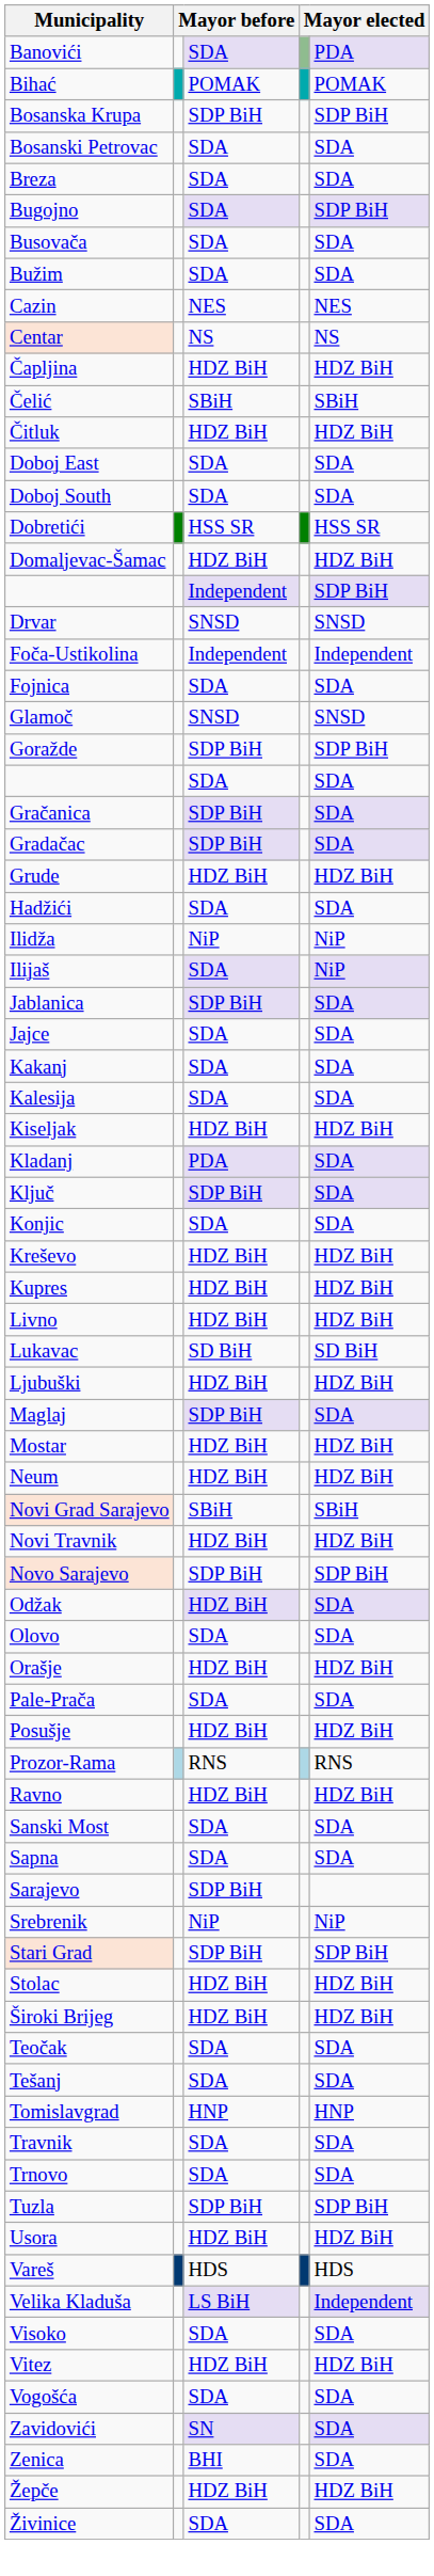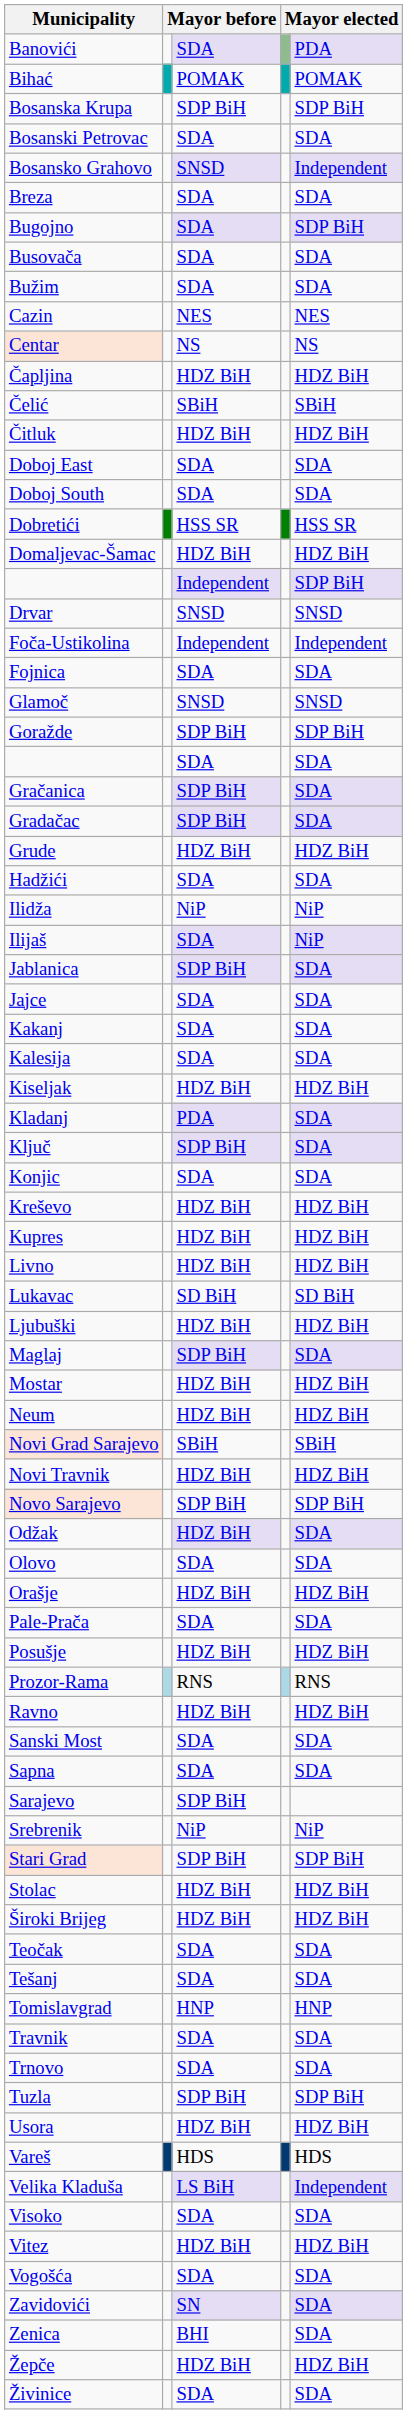 <table class="wikitable sortable">
 <tr>
 <th>Municipality</th>
 <th colspan="2">Mayor before</th>
 <th colspan="2">Mayor elected</th>
 </tr>
 <tr>
 <td><a href='#'>Banovići</a></td>
 <td style="background-color:"></td>
 <td style="background-color:#e5ddf3"><a href='#'>SDA</a></td>
 <td style="background-color:#8fbc8f"></td>
 <td style="background-color:#e5ddf3"><a href='#'>PDA</a></td>
 </tr>
 <tr>
 <td><a href='#'>Bihać</a></td>
 <td style="background-color:#00AAAD"></td>
 <td><a href='#'>POMAK</a></td>
 <td style="background-color:#00AAAD"></td>
 <td><a href='#'>POMAK</a></td>
 </tr>
 <tr>
 <td><a href='#'>Bosanska Krupa</a></td>
 <td style="background-color:"></td>
 <td><a href='#'>SDP BiH</a></td>
 <td style="background-color:"></td>
 <td><a href='#'>SDP BiH</a></td>
 </tr>
 <tr>
 <td><a href='#'>Bosanski Petrovac</a></td>
 <td style="background-color:"></td>
 <td><a href='#'>SDA</a></td>
 <td style="background-color:"></td>
 <td><a href='#'>SDA</a></td>
+</tr>
+<tr>
+<td><a href='#'>Bosansko Grahovo</a></td>
+<td style="background-color:"></td>
+<td style="background-color:#e5ddf3"><a href='#'>SNSD</a></td>
+<td style="background-color:"></td>
+<td style="background-color:#e5ddf3"><a href='#'>Independent</a></td>
 </tr>
 <tr>
 <td><a href='#'>Breza</a></td>
 <td style="background-color:"></td>
 <td><a href='#'>SDA</a></td>
 <td style="background-color:"></td>
 <td><a href='#'>SDA</a></td>
 </tr>
 <tr>
 <td><a href='#'>Bugojno</a></td>
 <td style="background-color:"></td>
 <td style="background-color:#e5ddf3"><a href='#'>SDA</a></td>
 <td style="background-color:"></td>
 <td style="background-color:#e5ddf3"><a href='#'>SDP BiH</a></td>
 </tr>
 <tr>
 <td><a href='#'>Busovača</a></td>
 <td style="background-color:"></td>
 <td><a href='#'>SDA</a></td>
 <td style="background-color:"></td>
 <td><a href='#'>SDA</a></td>
 </tr>
 <tr>
 <td><a href='#'>Bužim</a></td>
 <td style="background-color:"></td>
 <td><a href='#'>SDA</a></td>
 <td style="background-color:"></td>
 <td><a href='#'>SDA</a></td>
 </tr>
 <tr>
 <td><a href='#'>Cazin</a></td>
 <td style="background-color:"></td>
 <td><a href='#'>NES</a></td>
 <td style="background-color:"></td>
 <td><a href='#'>NES</a></td>
 </tr>
 <tr>
 <td style="background:#FCE4D6"><a href='#'>Centar</a></td>
 <td style="background-color:"></td>
 <td><a href='#'>NS</a></td>
 <td style="background-color:"></td>
 <td><a href='#'>NS</a></td>
 </tr>
 <tr>
 <td><a href='#'>Čapljina</a></td>
 <td style="background-color:"></td>
 <td><a href='#'>HDZ BiH</a></td>
 <td style="background-color:"></td>
 <td><a href='#'>HDZ BiH</a></td>
 </tr>
 <tr>
 <td><a href='#'>Čelić</a></td>
 <td style="background-color:"></td>
 <td><a href='#'>SBiH</a></td>
 <td style="background-color:"></td>
 <td><a href='#'>SBiH</a></td>
 </tr>
 <tr>
 <td><a href='#'>Čitluk</a></td>
 <td style="background-color:"></td>
 <td><a href='#'>HDZ BiH</a></td>
 <td style="background-color:"></td>
 <td><a href='#'>HDZ BiH</a></td>
 </tr>
 <tr>
 <td><a href='#'>Doboj East</a></td>
 <td style="background-color:"></td>
 <td><a href='#'>SDA</a></td>
 <td style="background-color:"></td>
 <td><a href='#'>SDA</a></td>
 </tr>
 <tr>
 <td><a href='#'>Doboj South</a></td>
 <td style="background-color:"></td>
 <td><a href='#'>SDA</a></td>
 <td style="background-color:"></td>
 <td><a href='#'>SDA</a></td>
 </tr>
 <tr>
 <td><a href='#'>Dobretići</a></td>
 <td style="background-color:green"></td>
 <td><a href='#'>HSS SR</a></td>
 <td style="background-color:green"></td>
 <td><a href='#'>HSS SR</a></td>
 </tr>
 <tr>
 <td><a href='#'>Domaljevac-Šamac</a></td>
 <td style="background-color:"></td>
 <td><a href='#'>HDZ BiH</a></td>
 <td style="background-color:"></td>
 <td><a href='#'>HDZ BiH</a></td>
 </tr>
 <tr>
 <td></td>
 <td style="background-color:"></td>
 <td style="background-color:#e5ddf3"><a href='#'>Independent</a></td>
 <td style="background-color:"></td>
 <td style="background-color:#e5ddf3"><a href='#'>SDP BiH</a></td>
 </tr>
 <tr>
 <td><a href='#'>Drvar</a></td>
 <td style="background-color:"></td>
 <td><a href='#'>SNSD</a></td>
 <td style="background-color:"></td>
 <td><a href='#'>SNSD</a></td>
 </tr>
 <tr>
 <td><a href='#'>Foča-Ustikolina</a></td>
 <td style="background-color:"></td>
 <td><a href='#'>Independent</a></td>
 <td style="background-color:"></td>
 <td><a href='#'>Independent</a></td>
 </tr>
 <tr>
 <td><a href='#'>Fojnica</a></td>
 <td style="background-color:"></td>
 <td><a href='#'>SDA</a></td>
 <td style="background-color:"></td>
 <td><a href='#'>SDA</a></td>
 </tr>
 <tr>
 <td><a href='#'>Glamoč</a></td>
 <td style="background-color:"></td>
 <td><a href='#'>SNSD</a></td>
 <td style="background-color:"></td>
 <td><a href='#'>SNSD</a></td>
 </tr>
 <tr>
 <td><a href='#'>Goražde</a></td>
 <td style="background-color:"></td>
 <td><a href='#'>SDP BiH</a></td>
 <td style="background-color:"></td>
 <td><a href='#'>SDP BiH</a></td>
 </tr>
 <tr>
 <td></td>
 <td style="background-color:"></td>
 <td><a href='#'>SDA</a></td>
 <td style="background-color:"></td>
 <td><a href='#'>SDA</a></td>
 </tr>
 <tr>
 <td><a href='#'>Gračanica</a></td>
 <td style="background-color:"></td>
 <td style="background-color:#e5ddf3"><a href='#'>SDP BiH</a></td>
 <td style="background-color:"></td>
 <td style="background-color:#e5ddf3"><a href='#'>SDA</a></td>
 </tr>
 <tr>
 <td><a href='#'>Gradačac</a></td>
 <td style="background-color:"></td>
 <td style="background-color:#e5ddf3"><a href='#'>SDP BiH</a></td>
 <td style="background-color:"></td>
 <td style="background-color:#e5ddf3"><a href='#'>SDA</a></td>
 </tr>
 <tr>
 <td><a href='#'>Grude</a></td>
 <td style="background-color:"></td>
 <td><a href='#'>HDZ BiH</a></td>
 <td style="background-color:"></td>
 <td><a href='#'>HDZ BiH</a></td>
 </tr>
 <tr>
 <td><a href='#'>Hadžići</a></td>
 <td style="background-color:"></td>
 <td><a href='#'>SDA</a></td>
 <td style="background-color:"></td>
 <td><a href='#'>SDA</a></td>
 </tr>
 <tr>
 <td><a href='#'>Ilidža</a></td>
 <td style="background-color:"></td>
 <td><a href='#'>NiP</a></td>
 <td style="background-color:"></td>
 <td><a href='#'>NiP</a></td>
 </tr>
 <tr>
 <td><a href='#'>Ilijaš</a></td>
 <td style="background-color:"></td>
 <td style="background-color:#e5ddf3"><a href='#'>SDA</a></td>
 <td style="background-color:"></td>
 <td style="background-color:#e5ddf3"><a href='#'>NiP</a></td>
 </tr>
 <tr>
 <td><a href='#'>Jablanica</a></td>
 <td style="background-color:"></td>
 <td style="background-color:#e5ddf3"><a href='#'>SDP BiH</a></td>
 <td style="background-color:"></td>
 <td style="background-color:#e5ddf3"><a href='#'>SDA</a></td>
 </tr>
 <tr>
 <td><a href='#'>Jajce</a></td>
 <td style="background-color:"></td>
 <td><a href='#'>SDA</a></td>
 <td style="background-color:"></td>
 <td><a href='#'>SDA</a></td>
 </tr>
 <tr>
 <td><a href='#'>Kakanj</a></td>
 <td style="background-color:"></td>
 <td><a href='#'>SDA</a></td>
 <td style="background-color:"></td>
 <td><a href='#'>SDA</a></td>
 </tr>
 <tr>
 <td><a href='#'>Kalesija</a></td>
 <td style="background-color:"></td>
 <td><a href='#'>SDA</a></td>
 <td style="background-color:"></td>
 <td><a href='#'>SDA</a></td>
 </tr>
 <tr>
 <td><a href='#'>Kiseljak</a></td>
 <td style="background-color:"></td>
 <td><a href='#'>HDZ BiH</a></td>
 <td style="background-color:"></td>
 <td><a href='#'>HDZ BiH</a></td>
 </tr>
 <tr>
 <td><a href='#'>Kladanj</a></td>
 <td style="background-color:"></td>
 <td style="background-color:#e5ddf3"><a href='#'>PDA</a></td>
 <td style="background-color:"></td>
 <td style="background-color:#e5ddf3"><a href='#'>SDA</a></td>
 </tr>
 <tr>
 <td><a href='#'>Ključ</a></td>
 <td style="background-color:"></td>
 <td style="background-color:#e5ddf3"><a href='#'>SDP BiH</a></td>
 <td style="background-color:"></td>
 <td style="background-color:#e5ddf3"><a href='#'>SDA</a></td>
 </tr>
 <tr>
 <td><a href='#'>Konjic</a></td>
 <td style="background-color:"></td>
 <td><a href='#'>SDA</a></td>
 <td style="background-color:"></td>
 <td><a href='#'>SDA</a></td>
 </tr>
 <tr>
 <td><a href='#'>Kreševo</a></td>
 <td style="background-color:"></td>
 <td><a href='#'>HDZ BiH</a></td>
 <td style="background-color:"></td>
 <td><a href='#'>HDZ BiH</a></td>
 </tr>
 <tr>
 <td><a href='#'>Kupres</a></td>
 <td style="background-color:"></td>
 <td><a href='#'>HDZ BiH</a></td>
 <td style="background-color:"></td>
 <td><a href='#'>HDZ BiH</a></td>
 </tr>
 <tr>
 <td><a href='#'>Livno</a></td>
 <td style="background-color:"></td>
 <td><a href='#'>HDZ BiH</a></td>
 <td style="background-color:"></td>
 <td><a href='#'>HDZ BiH</a></td>
 </tr>
 <tr>
 <td><a href='#'>Lukavac</a></td>
 <td style="background-color:"></td>
 <td><a href='#'>SD BiH</a></td>
 <td style="background-color:"></td>
 <td><a href='#'>SD BiH</a></td>
 </tr>
 <tr>
 <td><a href='#'>Ljubuški</a></td>
 <td style="background-color:"></td>
 <td><a href='#'>HDZ BiH</a></td>
 <td style="background-color:"></td>
 <td><a href='#'>HDZ BiH</a></td>
 </tr>
 <tr>
 <td><a href='#'>Maglaj</a></td>
 <td style="background-color:"></td>
 <td style="background-color:#e5ddf3"><a href='#'>SDP BiH</a></td>
 <td style="background-color:"></td>
 <td style="background-color:#e5ddf3"><a href='#'>SDA</a></td>
 </tr>
 <tr>
 <td><a href='#'>Mostar</a></td>
 <td style="background-color:"></td>
 <td><a href='#'>HDZ BiH</a></td>
 <td style="background-color:"></td>
 <td><a href='#'>HDZ BiH</a></td>
 </tr>
 <tr>
 <td><a href='#'>Neum</a></td>
 <td style="background-color:"></td>
 <td><a href='#'>HDZ BiH</a></td>
 <td style="background-color:"></td>
 <td><a href='#'>HDZ BiH</a></td>
 </tr>
 <tr>
 <td style='background:#FCE4D6'><a href='#'>Novi Grad Sarajevo</a></td>
 <td style="background-color:"></td>
 <td><a href='#'>SBiH</a></td>
 <td style="background-color:"></td>
 <td><a href='#'>SBiH</a></td>
 </tr>
 <tr>
 <td><a href='#'>Novi Travnik</a></td>
 <td style="background-color:"></td>
 <td><a href='#'>HDZ BiH</a></td>
 <td style="background-color:"></td>
 <td><a href='#'>HDZ BiH</a></td>
 </tr>
 <tr>
 <td style='background:#FCE4D6'><a href='#'>Novo Sarajevo</a></td>
 <td style="background-color:"></td>
 <td><a href='#'>SDP BiH</a></td>
 <td style="background-color:"></td>
 <td><a href='#'>SDP BiH</a></td>
 </tr>
 <tr>
 <td><a href='#'>Odžak</a></td>
 <td style="background-color:"></td>
 <td style="background-color:#e5ddf3"><a href='#'>HDZ BiH</a></td>
 <td style="background-color:"></td>
 <td style="background-color:#e5ddf3"><a href='#'>SDA</a></td>
 </tr>
 <tr>
 <td><a href='#'>Olovo</a></td>
 <td style="background-color:"></td>
 <td><a href='#'>SDA</a></td>
 <td style="background-color:"></td>
 <td><a href='#'>SDA</a></td>
 </tr>
 <tr>
 <td><a href='#'>Orašje</a></td>
 <td style="background-color:"></td>
 <td><a href='#'>HDZ BiH</a></td>
 <td style="background-color:"></td>
 <td><a href='#'>HDZ BiH</a></td>
 </tr>
 <tr>
 <td><a href='#'>Pale-Prača</a></td>
 <td style="background-color:"></td>
 <td><a href='#'>SDA</a></td>
 <td style="background-color:"></td>
 <td><a href='#'>SDA</a></td>
 </tr>
 <tr>
 <td><a href='#'>Posušje</a></td>
 <td style="background-color:"></td>
 <td><a href='#'>HDZ BiH</a></td>
 <td style="background-color:"></td>
 <td><a href='#'>HDZ BiH</a></td>
 </tr>
 <tr>
 <td><a href='#'>Prozor-Rama</a></td>
 <td style="background-color:lightblue"></td>
 <td>RNS</td>
 <td style="background-color:lightblue"></td>
 <td>RNS</td>
 </tr>
 <tr>
 <td><a href='#'>Ravno</a></td>
 <td style="background-color:"></td>
 <td><a href='#'>HDZ BiH</a></td>
 <td style="background-color:"></td>
 <td><a href='#'>HDZ BiH</a></td>
 </tr>
 <tr>
 <td><a href='#'>Sanski Most</a></td>
 <td style="background-color:"></td>
 <td><a href='#'>SDA</a></td>
 <td style="background-color:"></td>
 <td><a href='#'>SDA</a></td>
 </tr>
 <tr>
 <td><a href='#'>Sapna</a></td>
 <td style="background-color:"></td>
 <td><a href='#'>SDA</a></td>
 <td style="background-color:"></td>
 <td><a href='#'>SDA</a></td>
 </tr>
 <tr>
 <td><a href='#'>Sarajevo</a></td>
 <td style="background-color:"></td>
 <td><a href='#'>SDP BiH</a></td>
 <td></td>
 <td></td>
 </tr>
 <tr>
 <td><a href='#'>Srebrenik</a></td>
 <td style="background-color:"></td>
 <td><a href='#'>NiP</a></td>
 <td style="background-color:"></td>
 <td><a href='#'>NiP</a></td>
 </tr>
 <tr>
 <td style='background:#FCE4D6'><a href='#'>Stari Grad</a></td>
 <td style="background-color:"></td>
 <td><a href='#'>SDP BiH</a></td>
 <td style="background-color:"></td>
 <td><a href='#'>SDP BiH</a></td>
 </tr>
 <tr>
 <td><a href='#'>Stolac</a></td>
 <td style="background-color:"></td>
 <td><a href='#'>HDZ BiH</a></td>
 <td style="background-color:"></td>
 <td><a href='#'>HDZ BiH</a></td>
 </tr>
 <tr>
 <td><a href='#'>Široki Brijeg</a></td>
 <td style="background-color:"></td>
 <td><a href='#'>HDZ BiH</a></td>
 <td style="background-color:"></td>
 <td><a href='#'>HDZ BiH</a></td>
 </tr>
 <tr>
 <td><a href='#'>Teočak</a></td>
 <td style="background-color:"></td>
 <td><a href='#'>SDA</a></td>
 <td style="background-color:"></td>
 <td><a href='#'>SDA</a></td>
 </tr>
 <tr>
 <td><a href='#'>Tešanj</a></td>
 <td style="background-color:"></td>
 <td><a href='#'>SDA</a></td>
 <td style="background-color:"></td>
 <td><a href='#'>SDA</a></td>
 </tr>
 <tr>
 <td><a href='#'>Tomislavgrad</a></td>
 <td style="background-color:"></td>
 <td><a href='#'>HNP</a></td>
 <td style="background-color:"></td>
 <td><a href='#'>HNP</a></td>
 </tr>
 <tr>
 <td><a href='#'>Travnik</a></td>
 <td style="background-color:"></td>
 <td><a href='#'>SDA</a></td>
 <td style="background-color:"></td>
 <td><a href='#'>SDA</a></td>
 </tr>
 <tr>
 <td><a href='#'>Trnovo</a></td>
 <td style="background-color:"></td>
 <td><a href='#'>SDA</a></td>
 <td style="background-color:"></td>
 <td><a href='#'>SDA</a></td>
 </tr>
 <tr>
 <td><a href='#'>Tuzla</a></td>
 <td style="background-color:"></td>
 <td><a href='#'>SDP BiH</a></td>
 <td style="background-color:"></td>
 <td><a href='#'>SDP BiH</a></td>
 </tr>
 <tr>
 <td><a href='#'>Usora</a></td>
 <td style="background-color:"></td>
 <td><a href='#'>HDZ BiH</a></td>
 <td style="background-color:"></td>
 <td><a href='#'>HDZ BiH</a></td>
 </tr>
 <tr>
 <td><a href='#'>Vareš</a></td>
 <td style="background-color:#013971"></td>
 <td>HDS</td>
 <td style="background-color:#013971"></td>
 <td>HDS</td>
 </tr>
 <tr>
 <td><a href='#'>Velika Kladuša</a></td>
 <td style="background-color:"></td>
 <td style="background-color:#e5ddf3"><a href='#'>LS BiH</a></td>
 <td style="background-color:"></td>
 <td style="background-color:#e5ddf3"><a href='#'>Independent</a></td>
 </tr>
 <tr>
 <td><a href='#'>Visoko</a></td>
 <td style="background-color:"></td>
 <td><a href='#'>SDA</a></td>
 <td style="background-color:"></td>
 <td><a href='#'>SDA</a></td>
 </tr>
 <tr>
 <td><a href='#'>Vitez</a></td>
 <td style="background-color:"></td>
 <td><a href='#'>HDZ BiH</a></td>
 <td style="background-color:"></td>
 <td><a href='#'>HDZ BiH</a></td>
 </tr>
 <tr>
 <td><a href='#'>Vogošća</a></td>
 <td style="background-color:"></td>
 <td><a href='#'>SDA</a></td>
 <td style="background-color:"></td>
 <td><a href='#'>SDA</a></td>
 </tr>
 <tr>
 <td><a href='#'>Zavidovići</a></td>
 <td style="background-color:"></td>
 <td style="background-color:#e5ddf3"><a href='#'>SN</a></td>
 <td style="background-color:"></td>
 <td style="background-color:#e5ddf3"><a href='#'>SDA</a></td>
 </tr>
 <tr>
 <td><a href='#'>Zenica</a></td>
 <td style="background-color:"></td>
 <td><a href='#'>BHI</a></td>
 <td style="background-color:"></td>
 <td><a href='#'>SDA</a></td>
 </tr>
 <tr>
 <td><a href='#'>Žepče</a></td>
 <td style="background-color:"></td>
 <td><a href='#'>HDZ BiH</a></td>
 <td style="background-color:"></td>
 <td><a href='#'>HDZ BiH</a></td>
 </tr>
 <tr>
 <td><a href='#'>Živinice</a></td>
 <td style="background-color:"></td>
 <td><a href='#'>SDA</a></td>
 <td style="background-color:"></td>
 <td><a href='#'>SDA</a></td>
 </tr>
 </table>
